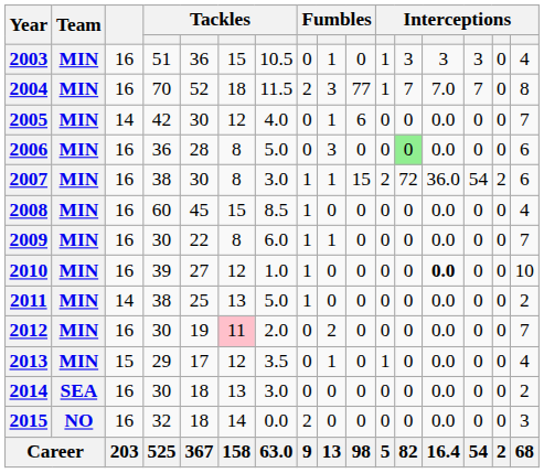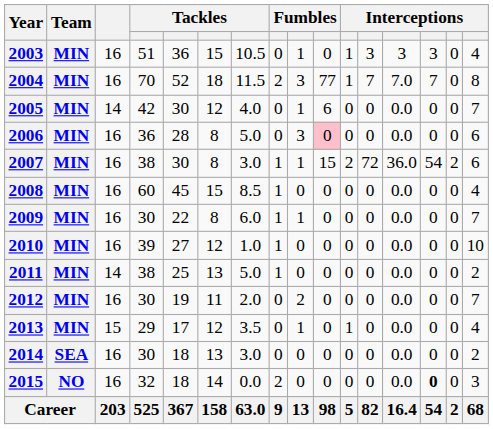 <table class="wikitable" style="text-align:center;">
 <tr>
 <th rowspan="2">Year</th>
 <th rowspan="2">Team</th>
 <th rowspan="2"></th>
 <th colspan="4">Tackles</th>
 <th colspan="3">Fumbles</th>
 <th colspan="6">Interceptions</th>
 </tr>
 <tr>
 <th></th>
 <th></th>
 <th></th>
 <th></th>
 <th></th>
 <th></th>
 <th></th>
 <th></th>
 <th></th>
 <th></th>
 <th></th>
 <th></th>
 <th></th>
 </tr>
 <tr>
 <th><a href='#'>2003</a></th>
 <th><a href='#'>MIN</a></th>
 <td>16</td>
 <td>51</td>
 <td>36</td>
 <td>15</td>
 <td>10.5</td>
 <td>0</td>
 <td>1</td>
 <td>0</td>
 <td>1</td>
 <td>3</td>
 <td>3</td>
 <td>3</td>
 <td>0</td>
 <td>4</td>
 </tr>
 <tr>
 <th><a href='#'>2004</a></th>
 <th><a href='#'>MIN</a></th>
 <td>16</td>
 <td>70</td>
 <td>52</td>
 <td>18</td>
 <td>11.5</td>
 <td>2</td>
 <td>3</td>
 <td>77</td>
 <td>1</td>
 <td>7</td>
 <td>7.0</td>
 <td>7</td>
 <td>0</td>
 <td>8</td>
 </tr>
 <tr>
 <th><a href='#'>2005</a></th>
 <th><a href='#'>MIN</a></th>
 <td>14</td>
 <td>42</td>
 <td>30</td>
 <td>12</td>
 <td>4.0</td>
 <td>0</td>
 <td>1</td>
 <td>6</td>
 <td>0</td>
 <td>0</td>
 <td>0.0</td>
 <td>0</td>
 <td>0</td>
 <td>7</td>
 </tr>
 <tr>
 <th><a href='#'>2006</a></th>
 <th><a href='#'>MIN</a></th>
 <td>16</td>
 <td>36</td>
 <td>28</td>
 <td>8</td>
 <td>5.0</td>
 <td>0</td>
 <td>3</td>
+<td style="background: pink;">0</td>
 <td>0</td>
 <td>0</td>
-<td style="background: lightgreen;">0</td>
 <td>0.0</td>
 <td>0</td>
 <td>0</td>
 <td>6</td>
 </tr>
 <tr>
 <th><a href='#'>2007</a></th>
 <th><a href='#'>MIN</a></th>
 <td>16</td>
 <td>38</td>
 <td>30</td>
 <td>8</td>
 <td>3.0</td>
 <td>1</td>
 <td>1</td>
 <td>15</td>
 <td>2</td>
 <td>72</td>
 <td>36.0</td>
 <td>54</td>
 <td>2</td>
 <td>6</td>
 </tr>
 <tr>
 <th><a href='#'>2008</a></th>
 <th><a href='#'>MIN</a></th>
 <td>16</td>
 <td>60</td>
 <td>45</td>
 <td>15</td>
 <td>8.5</td>
 <td>1</td>
 <td>0</td>
 <td>0</td>
 <td>0</td>
 <td>0</td>
 <td>0.0</td>
 <td>0</td>
 <td>0</td>
 <td>4</td>
 </tr>
 <tr>
 <th><a href='#'>2009</a></th>
 <th><a href='#'>MIN</a></th>
 <td>16</td>
 <td>30</td>
 <td>22</td>
 <td>8</td>
 <td>6.0</td>
 <td>1</td>
 <td>1</td>
 <td>0</td>
 <td>0</td>
 <td>0</td>
 <td>0.0</td>
 <td>0</td>
 <td>0</td>
 <td>7</td>
 </tr>
 <tr>
 <th><a href='#'>2010</a></th>
 <th><a href='#'>MIN</a></th>
 <td>16</td>
 <td>39</td>
 <td>27</td>
 <td>12</td>
 <td>1.0</td>
 <td>1</td>
 <td>0</td>
 <td>0</td>
 <td>0</td>
 <td>0</td>
-<td><strong>0.0</strong></td>
+<td>0.0</td>
 <td>0</td>
 <td>0</td>
 <td>10</td>
 </tr>
 <tr>
 <th><a href='#'>2011</a></th>
 <th><a href='#'>MIN</a></th>
 <td>14</td>
 <td>38</td>
 <td>25</td>
 <td>13</td>
 <td>5.0</td>
 <td>1</td>
 <td>0</td>
 <td>0</td>
 <td>0</td>
 <td>0</td>
 <td>0.0</td>
 <td>0</td>
 <td>0</td>
 <td>2</td>
 </tr>
 <tr>
 <th><a href='#'>2012</a></th>
 <th><a href='#'>MIN</a></th>
 <td>16</td>
 <td>30</td>
 <td>19</td>
-<td style="background: pink;">11</td>
+<td>11</td>
 <td>2.0</td>
 <td>0</td>
 <td>2</td>
 <td>0</td>
 <td>0</td>
 <td>0</td>
 <td>0.0</td>
 <td>0</td>
 <td>0</td>
 <td>7</td>
 </tr>
 <tr>
 <th><a href='#'>2013</a></th>
 <th><a href='#'>MIN</a></th>
 <td>15</td>
 <td>29</td>
 <td>17</td>
 <td>12</td>
 <td>3.5</td>
 <td>0</td>
 <td>1</td>
 <td>0</td>
 <td>1</td>
 <td>0</td>
 <td>0.0</td>
 <td>0</td>
 <td>0</td>
 <td>4</td>
 </tr>
 <tr>
 <th><a href='#'>2014</a></th>
 <th><a href='#'>SEA</a></th>
 <td>16</td>
 <td>30</td>
 <td>18</td>
 <td>13</td>
 <td>3.0</td>
 <td>0</td>
 <td>0</td>
 <td>0</td>
 <td>0</td>
 <td>0</td>
 <td>0.0</td>
 <td>0</td>
 <td>0</td>
 <td>2</td>
 </tr>
 <tr>
 <th><a href='#'>2015</a></th>
 <th><a href='#'>NO</a></th>
 <td>16</td>
 <td>32</td>
 <td>18</td>
 <td>14</td>
 <td>0.0</td>
 <td>2</td>
 <td>0</td>
 <td>0</td>
 <td>0</td>
 <td>0</td>
 <td>0.0</td>
-<td>0</td>
+<td><strong>0</strong></td>
 <td>0</td>
 <td>3</td>
 </tr>
 <tr>
 <th colspan="2">Career</th>
 <th>203</th>
 <th>525</th>
 <th>367</th>
 <th>158</th>
 <th>63.0</th>
 <th>9</th>
 <th>13</th>
 <th>98</th>
 <th>5</th>
 <th>82</th>
 <th>16.4</th>
 <th>54</th>
 <th>2</th>
 <th>68</th>
 </tr>
 </table>
